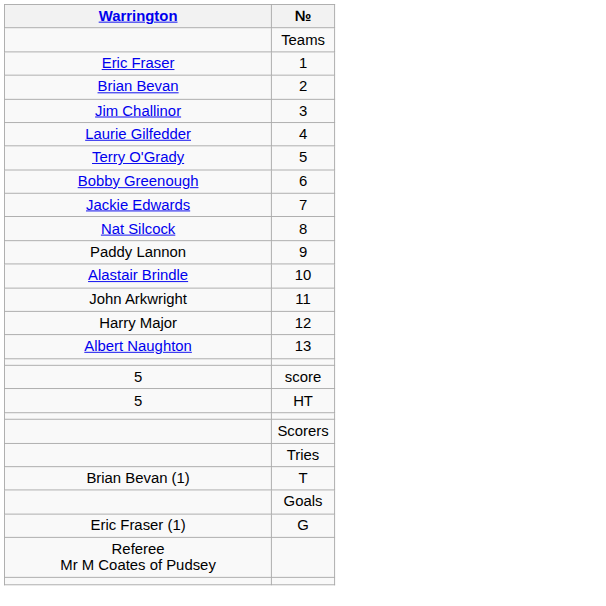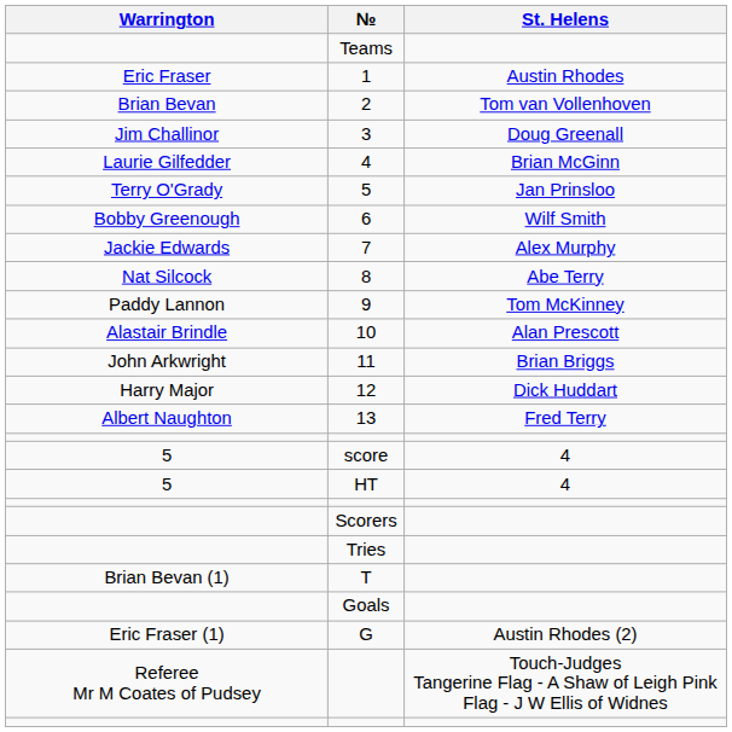 <table class="wikitable" style="text-align:center;">
 <tr>
 <th width=280 abbr=”Warrington”><a href='#'>Warrington</a></th>
 <th width=60 abbr="Number">№</th>
+<th width=280 abbr= “Oldham”><a href='#'>St. Helens</a></th>
 </tr>
 <tr>
 <td></td>
 <td>Teams</td>
+<td></td>
 </tr>
 <tr>
 <td><a href='#'>Eric Fraser</a></td>
 <td>1</td>
+<td><a href='#'>Austin Rhodes</a></td>
 </tr>
 <tr>
 <td><a href='#'>Brian Bevan</a></td>
 <td>2</td>
+<td><a href='#'>Tom van Vollenhoven</a></td>
 </tr>
 <tr>
 <td><a href='#'>Jim Challinor</a></td>
 <td>3</td>
+<td><a href='#'>Doug Greenall</a></td>
 </tr>
 <tr>
 <td><a href='#'>Laurie Gilfedder</a></td>
 <td>4</td>
+<td><a href='#'>Brian McGinn</a></td>
 </tr>
 <tr>
 <td><a href='#'>Terry O'Grady</a></td>
 <td>5</td>
+<td><a href='#'>Jan Prinsloo</a></td>
 </tr>
 <tr>
 <td><a href='#'>Bobby Greenough</a></td>
 <td>6</td>
+<td><a href='#'>Wilf Smith</a></td>
 </tr>
 <tr>
 <td><a href='#'>Jackie Edwards</a></td>
 <td>7</td>
+<td><a href='#'>Alex Murphy</a></td>
 </tr>
 <tr>
 <td><a href='#'>Nat Silcock</a></td>
 <td>8</td>
+<td><a href='#'>Abe Terry</a></td>
 </tr>
 <tr>
 <td>Paddy Lannon</td>
 <td>9</td>
+<td><a href='#'>Tom McKinney</a></td>
 </tr>
 <tr>
 <td><a href='#'>Alastair Brindle</a></td>
 <td>10</td>
+<td><a href='#'>Alan Prescott</a></td>
 </tr>
 <tr>
 <td>John Arkwright</td>
 <td>11</td>
+<td><a href='#'>Brian Briggs</a></td>
 </tr>
 <tr>
 <td>Harry Major</td>
 <td>12</td>
+<td><a href='#'>Dick Huddart</a></td>
 </tr>
 <tr>
 <td><a href='#'>Albert Naughton</a></td>
 <td>13</td>
+<td><a href='#'>Fred Terry</a></td>
 </tr>
 <tr>
+<td></td>
 <td></td>
 <td></td>
 </tr>
 <tr>
 <td>5</td>
 <td>score</td>
+<td>4</td>
 </tr>
 <tr>
 <td>5</td>
 <td>HT</td>
+<td>4</td>
 </tr>
 <tr>
+<td></td>
 <td></td>
 <td></td>
 </tr>
 <tr>
 <td></td>
 <td>Scorers</td>
+<td></td>
 </tr>
 <tr>
 <td></td>
 <td>Tries</td>
+<td></td>
 </tr>
 <tr>
 <td>Brian Bevan (1)</td>
 <td>T</td>
+<td></td>
 </tr>
 <tr>
 <td></td>
 <td>Goals</td>
+<td></td>
 </tr>
 <tr>
 <td>Eric Fraser (1)</td>
 <td>G</td>
+<td>Austin Rhodes (2)</td>
 </tr>
 <tr>
 <td>Referee<br>Mr M Coates of Pudsey</td>
 <td></td>
+<td>Touch-Judges<br>Tangerine Flag - A Shaw of Leigh  Pink Flag - J W Ellis of Widnes</td>
 </tr>
 <tr>
 <td></td>
 <td></td>
+<td></td>
 </tr>
 </table>
